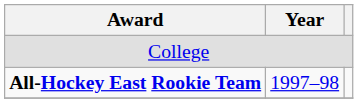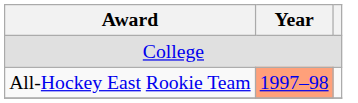 <table class="wikitable">
 <tr>
 <th>Award</th>
 <th>Year</th>
 <th></th>
 </tr>
 <tr ALIGN="center" bgcolor="#e0e0e0">
 <td colspan="3"><a href='#'>College</a></td>
 </tr>
 <tr>
-<td><strong>All-<a href='#'>Hockey East</a> <a href='#'>Rookie Team</a></strong></td>
-<td><a href='#'>1997–98</a></td>
+<td>All-<a href='#'>Hockey East</a> <a href='#'>Rookie Team</a></td>
+<td style="background: lightsalmon;"><a href='#'>1997–98</a></td>
 <td></td>
 </tr>
 <tr>
 </tr>
 </table>
